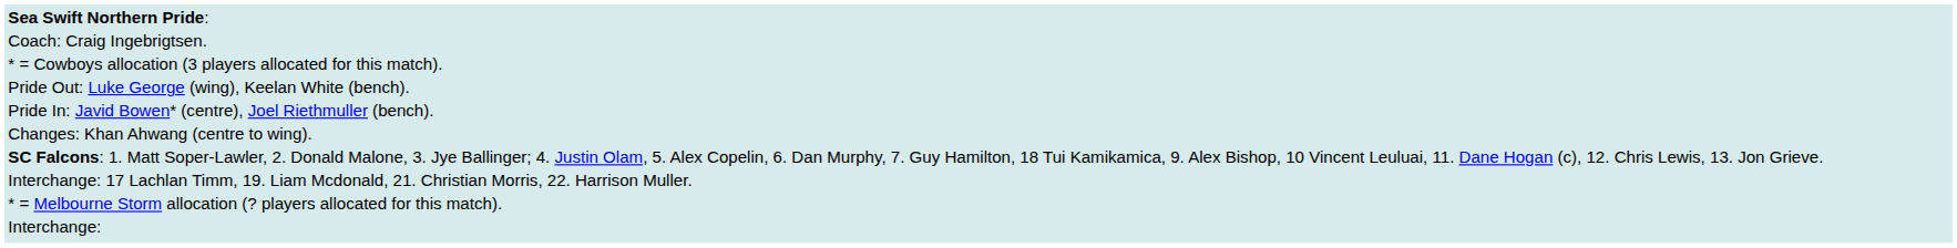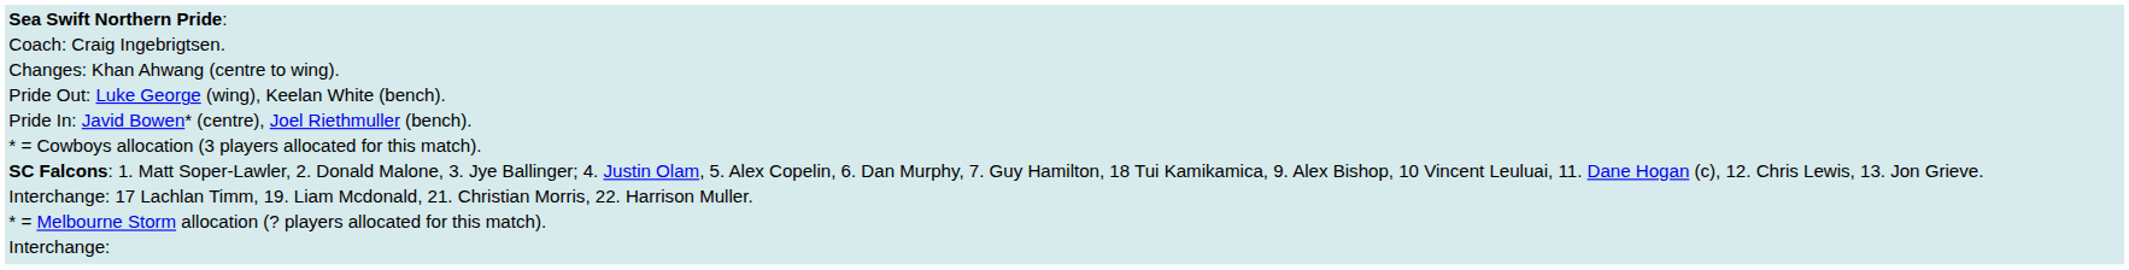 <table style="background:#d7ebed; font-size:85%; width:100%;">
 <tr>
 <td><strong>Sea Swift Northern Pride</strong>:             </td>
 </tr>
 <tr>
 <td>Coach: Craig Ingebrigtsen.</td>
 </tr>
 <tr>
-<td>* = Cowboys allocation (3 players allocated for this match).</td>
+<td>Changes: Khan Ahwang (centre to wing).</td>
 </tr>
 <tr>
 <td>Pride Out: <a href='#'>Luke George</a> (wing), Keelan White (bench).</td>
 </tr>
 <tr>
 <td>Pride In: <a href='#'>Javid Bowen</a>* (centre), <a href='#'>Joel Riethmuller</a> (bench).</td>
 </tr>
 <tr>
-<td>Changes: Khan Ahwang (centre to wing).</td>
+<td>* = Cowboys allocation (3 players allocated for this match).</td>
 </tr>
 <tr>
 <td><strong>SC Falcons</strong>: 1. Matt Soper-Lawler, 2. Donald Malone, 3. Jye Ballinger; 4. <a href='#'>Justin Olam</a>, 5. Alex Copelin, 6. Dan Murphy, 7. Guy Hamilton, 18 Tui Kamikamica, 9. Alex Bishop, 10 Vincent Leuluai, 11. <a href='#'>Dane Hogan</a> (c), 12. Chris Lewis, 13. Jon Grieve.</td>
 </tr>
 <tr>
 <td>Interchange: 17 Lachlan Timm, 19. Liam Mcdonald, 21. Christian Morris, 22. Harrison Muller.</td>
 </tr>
 <tr>
 <td>* = <a href='#'>Melbourne Storm</a> allocation (? players allocated for this match).</td>
 </tr>
 <tr>
 <td>Interchange:    </td>
 </tr>
 <tr>
 </tr>
 </table>
